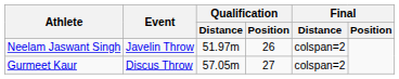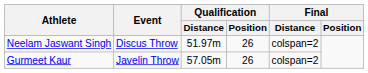 <table class=wikitable style="font-size:90%">
 <tr>
 <th rowspan="2">Athlete</th>
 <th rowspan="2">Event</th>
 <th colspan="2">Qualification</th>
 <th colspan="2">Final</th>
 </tr>
 <tr style="font-size:95%">
 <th>Distance</th>
 <th>Position</th>
 <th>Distance</th>
 <th>Position</th>
 </tr>
 <tr style=text-align:center>
 <td style=text-align:left><a href='#'>Neelam Jaswant Singh</a></td>
-<td style="text-align:left"><a href='#'>Javelin Throw</a></td>
+<td style="text-align:left"><a href='#'>Discus Throw</a></td>
 <td>51.97m</td>
 <td>26</td>
 <td>colspan=2 </td>
 </tr>
 <tr style=text-align:center>
 <td style=text-align:left><a href='#'>Gurmeet Kaur</a></td>
-<td style="text-align:left"><a href='#'>Discus Throw</a></td>
+<td style="text-align:left"><a href='#'>Javelin Throw</a></td>
 <td>57.05m</td>
-<td>27</td>
+<td>26</td>
 <td>colspan=2 </td>
 </tr>
 </table>
